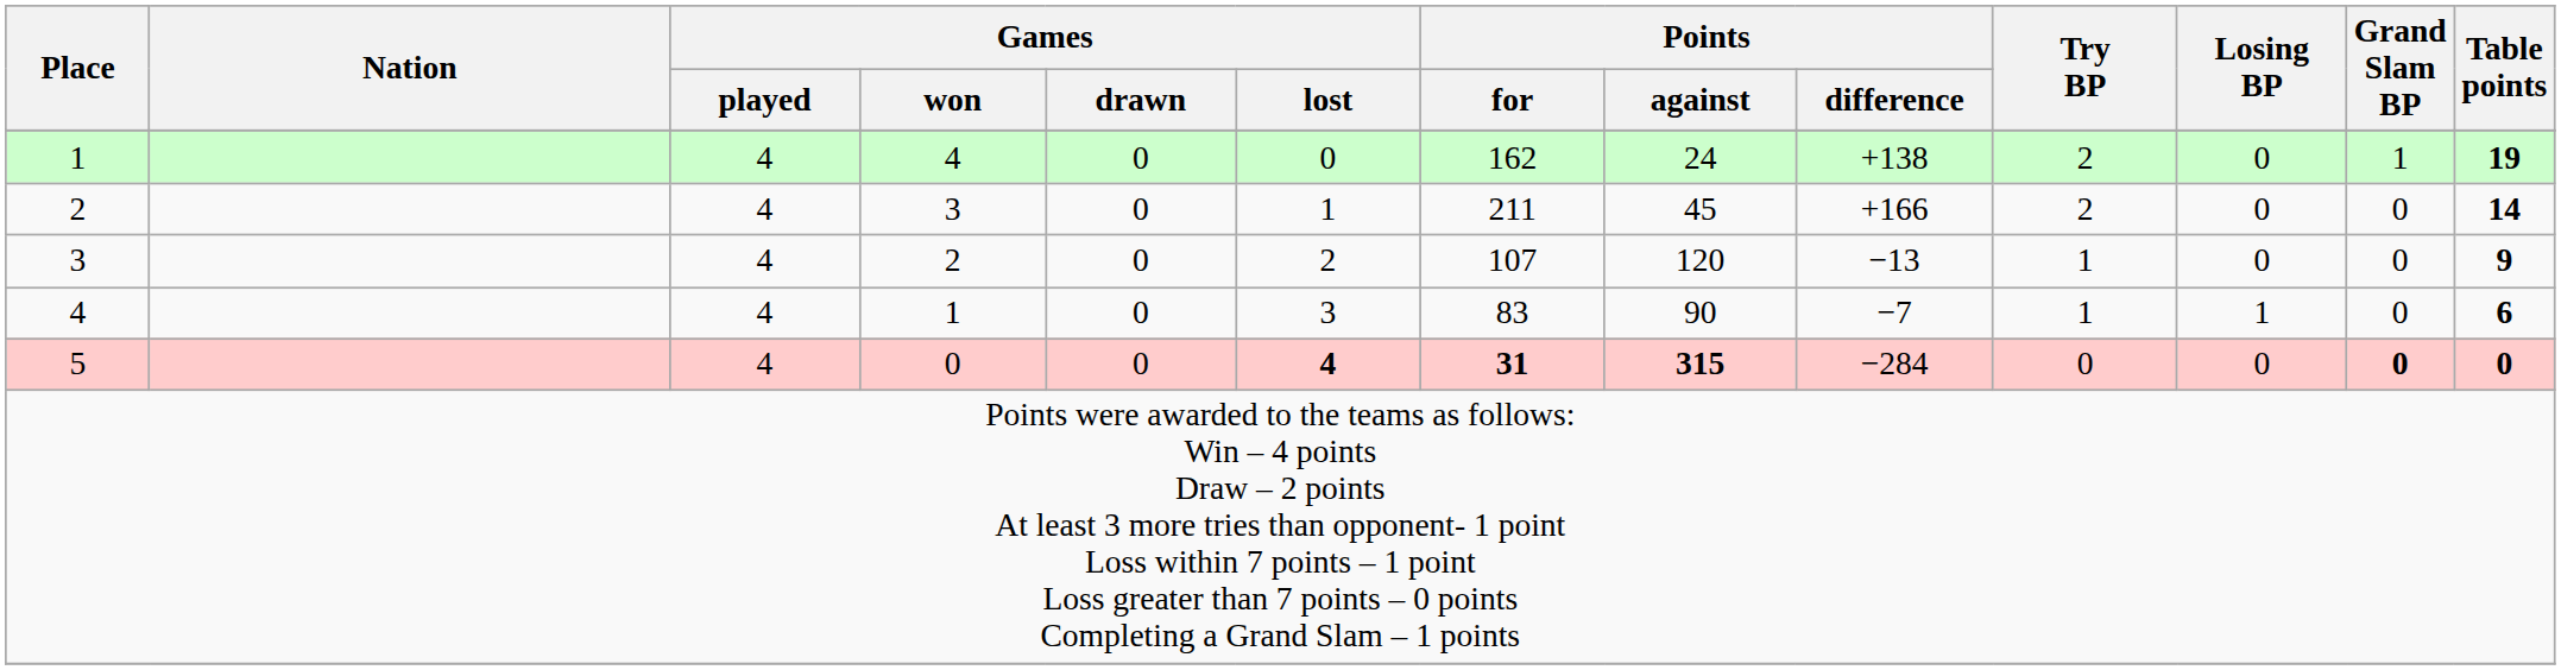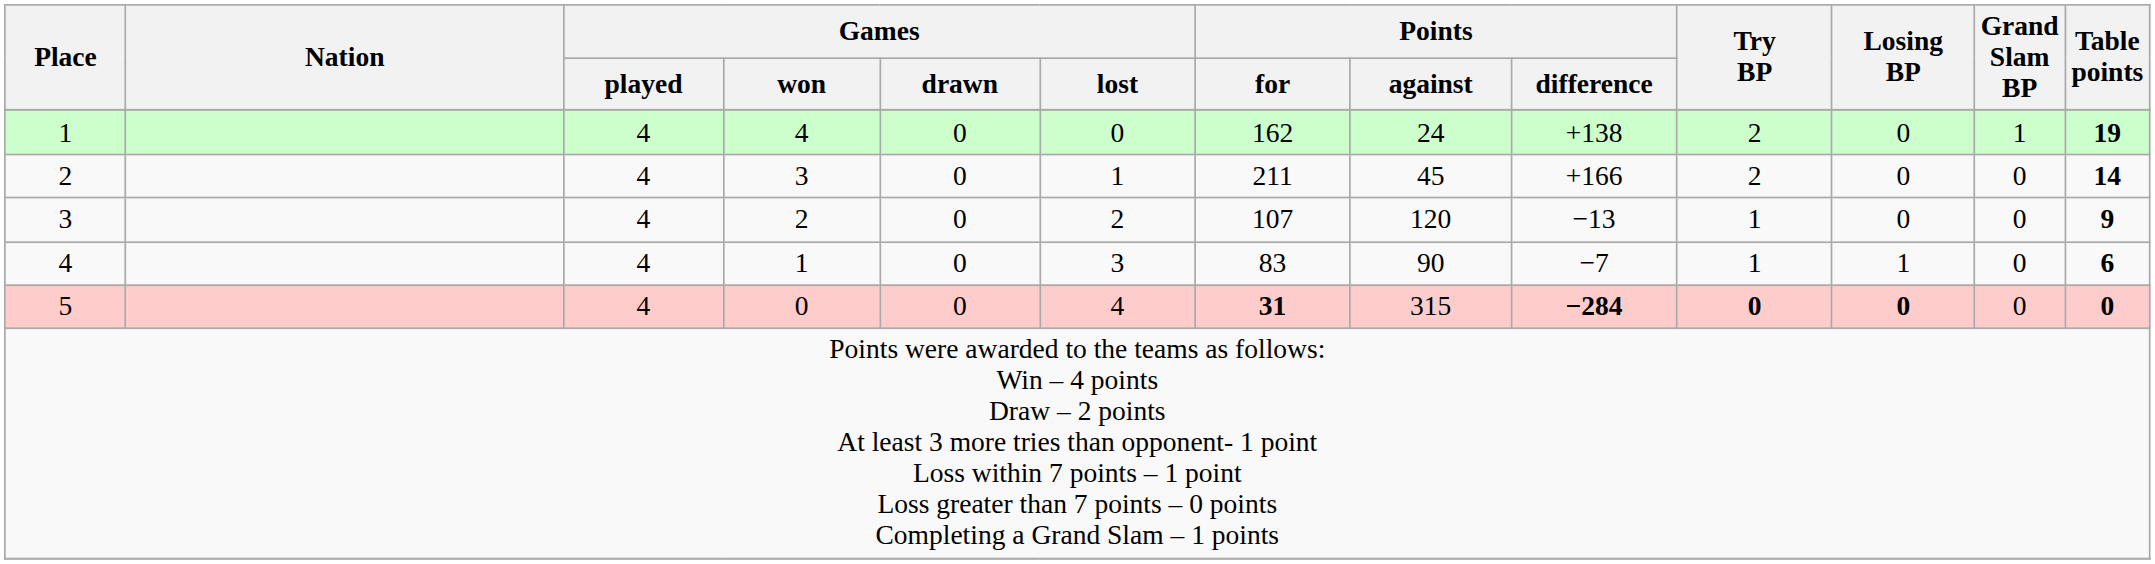 <table class="wikitable">
 <tr>
 <th rowspan=2 width="6%">Place</th>
 <th rowspan=2 width="23%">Nation</th>
 <th colspan=4 width="40%">Games</th>
 <th colspan=3 width="24%">Points</th>
 <th rowspan=2 width="8%">Try<br>BP</th>
 <th rowspan=2 width="8%">Losing<br>BP</th>
 <th rowspan=2 width="8%">Grand Slam<br>BP</th>
 <th rowspan=2 width="10%">Table<br>points</th>
 </tr>
 <tr>
 <th width="8%">played</th>
 <th width="8%">won</th>
 <th width="8%">drawn</th>
 <th width="8%">lost</th>
 <th width="8%">for</th>
 <th width="8%">against</th>
 <th width="8%">difference</th>
 </tr>
 <tr>
 </tr>
 <tr align="center" bgcolor="#ccffcc">
 <td>1</td>
 <td align="left"></td>
 <td>4</td>
 <td>4</td>
 <td>0</td>
 <td>0</td>
 <td>162</td>
 <td>24</td>
 <td>+138</td>
 <td>2</td>
 <td>0</td>
 <td>1</td>
 <td><strong>19</strong></td>
 </tr>
 <tr align="center">
 <td>2</td>
 <td align="left"></td>
 <td>4</td>
 <td>3</td>
 <td>0</td>
 <td>1</td>
 <td>211</td>
 <td>45</td>
 <td>+166</td>
 <td>2</td>
 <td>0</td>
 <td>0</td>
 <td><strong>14</strong></td>
 </tr>
 <tr align="center">
 <td>3</td>
 <td align="left"></td>
 <td>4</td>
 <td>2</td>
 <td>0</td>
 <td>2</td>
 <td>107</td>
 <td>120</td>
 <td>−13</td>
 <td>1</td>
 <td>0</td>
 <td>0</td>
 <td><strong>9</strong></td>
 </tr>
 <tr align="center">
 <td>4</td>
 <td align="left"></td>
 <td>4</td>
 <td>1</td>
 <td>0</td>
 <td>3</td>
 <td>83</td>
 <td>90</td>
 <td>−7</td>
 <td>1</td>
 <td>1</td>
 <td>0</td>
 <td><strong>6</strong></td>
 </tr>
 <tr align="center" bgcolor="#ffcccc">
 <td>5</td>
 <td align=left></td>
 <td>4</td>
 <td>0</td>
 <td>0</td>
-<td><strong>4</strong></td>
+<td>4</td>
 <td><strong>31</strong></td>
-<td><strong>315</strong></td>
-<td>−284</td>
+<td>315</td>
+<td><strong>−284</strong></td>
+<td><strong>0</strong></td>
+<td><strong>0</strong></td>
 <td>0</td>
-<td>0</td>
-<td><strong>0</strong></td>
 <td><strong>0</strong></td>
 </tr>
 <tr>
 <td style="text-align:center;" colspan="100">Points were awarded to the teams as follows:<br>Win – 4 points<br>Draw – 2 points<br> At least 3 more tries than opponent- 1 point<br> Loss within 7 points – 1 point<br>Loss greater than 7 points – 0 points<br>Completing a Grand Slam – 1 points</td>
 </tr>
 <tr>
 </tr>
 </table>
